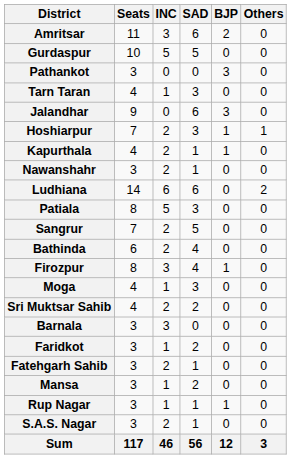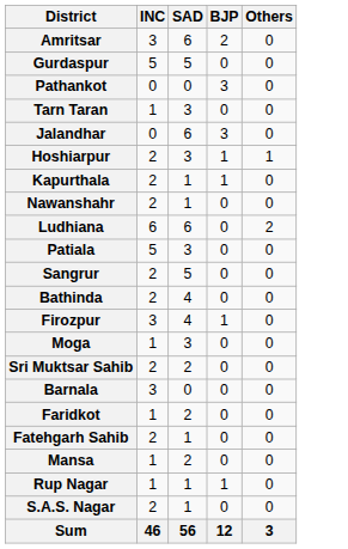 <table class="wikitable sortable" style="text-align: center">
 <tr>
 <th>District</th>
-<th>Seats</th>
 <th>INC</th>
 <th>SAD</th>
 <th>BJP</th>
 <th>Others</th>
 </tr>
 <tr>
 <th>Amritsar</th>
-<td>11</td>
 <td>3</td>
 <td style="background: ">6</td>
 <td>2</td>
 <td>0</td>
 </tr>
 <tr>
 <th>Gurdaspur</th>
-<td>10</td>
 <td>5</td>
 <td>5</td>
 <td>0</td>
 <td>0</td>
 </tr>
 <tr>
 <th>Pathankot</th>
-<td>3</td>
 <td>0</td>
 <td>0</td>
 <td style="background: ">3</td>
 <td>0</td>
 </tr>
 <tr>
 <th>Tarn Taran</th>
-<td>4</td>
 <td>1</td>
 <td style="background: ">3</td>
 <td>0</td>
 <td>0</td>
 </tr>
 <tr>
 <th>Jalandhar</th>
-<td>9</td>
 <td>0</td>
 <td style="background: ">6</td>
 <td>3</td>
 <td>0</td>
 </tr>
 <tr>
 <th>Hoshiarpur</th>
-<td>7</td>
 <td>2</td>
 <td style="background: ">3</td>
 <td>1</td>
 <td>1</td>
 </tr>
 <tr>
 <th>Kapurthala</th>
-<td>4</td>
 <td style="background: ">2</td>
 <td>1</td>
 <td>1</td>
 <td>0</td>
 </tr>
 <tr>
 <th>Nawanshahr</th>
-<td>3</td>
 <td style="background: ">2</td>
 <td>1</td>
 <td>0</td>
 <td>0</td>
 </tr>
 <tr>
 <th>Ludhiana</th>
-<td>14</td>
 <td>6</td>
 <td>6</td>
 <td>0</td>
 <td>2</td>
 </tr>
 <tr>
 <th>Patiala</th>
-<td>8</td>
 <td style="background: ">5</td>
 <td>3</td>
 <td>0</td>
 <td>0</td>
 </tr>
 <tr>
 <th>Sangrur</th>
-<td>7</td>
 <td>2</td>
 <td style="background: ">5</td>
 <td>0</td>
 <td>0</td>
 </tr>
 <tr>
 <th>Bathinda</th>
-<td>6</td>
 <td>2</td>
 <td style="background: ">4</td>
 <td>0</td>
 <td>0</td>
 </tr>
 <tr>
 <th>Firozpur</th>
-<td>8</td>
 <td>3</td>
 <td style="background: ">4</td>
 <td>1</td>
 <td>0</td>
 </tr>
 <tr>
 <th>Moga</th>
-<td>4</td>
 <td>1</td>
 <td style="background: ">3</td>
 <td>0</td>
 <td>0</td>
 </tr>
 <tr>
 <th>Sri Muktsar Sahib</th>
-<td>4</td>
 <td>2</td>
 <td>2</td>
 <td>0</td>
 <td>0</td>
 </tr>
 <tr>
 <th>Barnala</th>
-<td>3</td>
 <td style="background: ">3</td>
 <td>0</td>
 <td>0</td>
 <td>0</td>
 </tr>
 <tr>
 <th>Faridkot</th>
-<td>3</td>
 <td>1</td>
 <td style="background: ">2</td>
 <td>0</td>
 <td>0</td>
 </tr>
 <tr>
 <th>Fatehgarh Sahib</th>
-<td>3</td>
 <td style="background: ">2</td>
 <td>1</td>
 <td>0</td>
 <td>0</td>
 </tr>
 <tr>
 <th>Mansa</th>
-<td>3</td>
 <td>1</td>
 <td style="background: ">2</td>
 <td>0</td>
 <td>0</td>
 </tr>
 <tr>
 <th>Rup Nagar</th>
-<td>3</td>
 <td>1</td>
 <td>1</td>
 <td>1</td>
 <td>0</td>
 </tr>
 <tr>
 <th>S.A.S. Nagar</th>
-<td>3</td>
 <td style="background: ">2</td>
 <td>1</td>
 <td>0</td>
 <td>0</td>
 </tr>
 <tr>
 <th>Sum</th>
-<th>117</th>
 <th>46</th>
 <th style="background: ">56</th>
 <th style="background: ">12</th>
 <th>3</th>
 </tr>
 </table>
